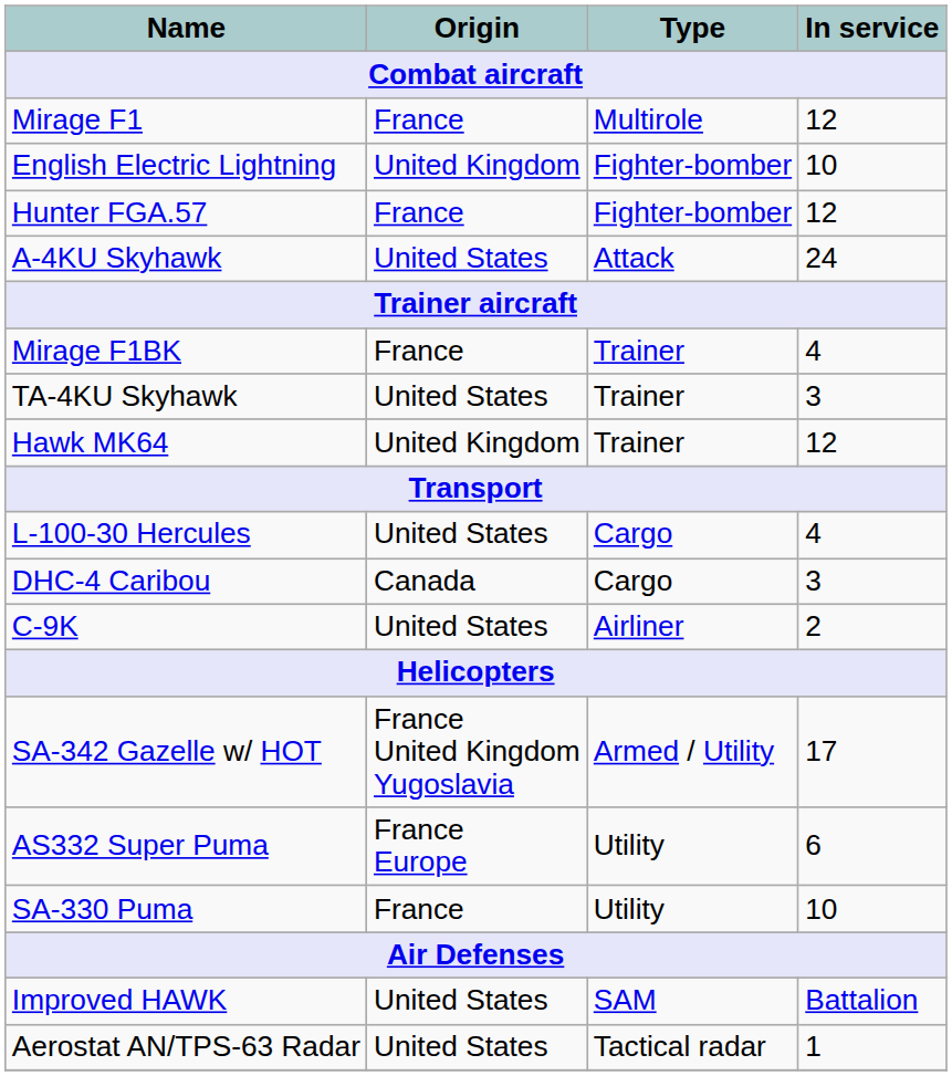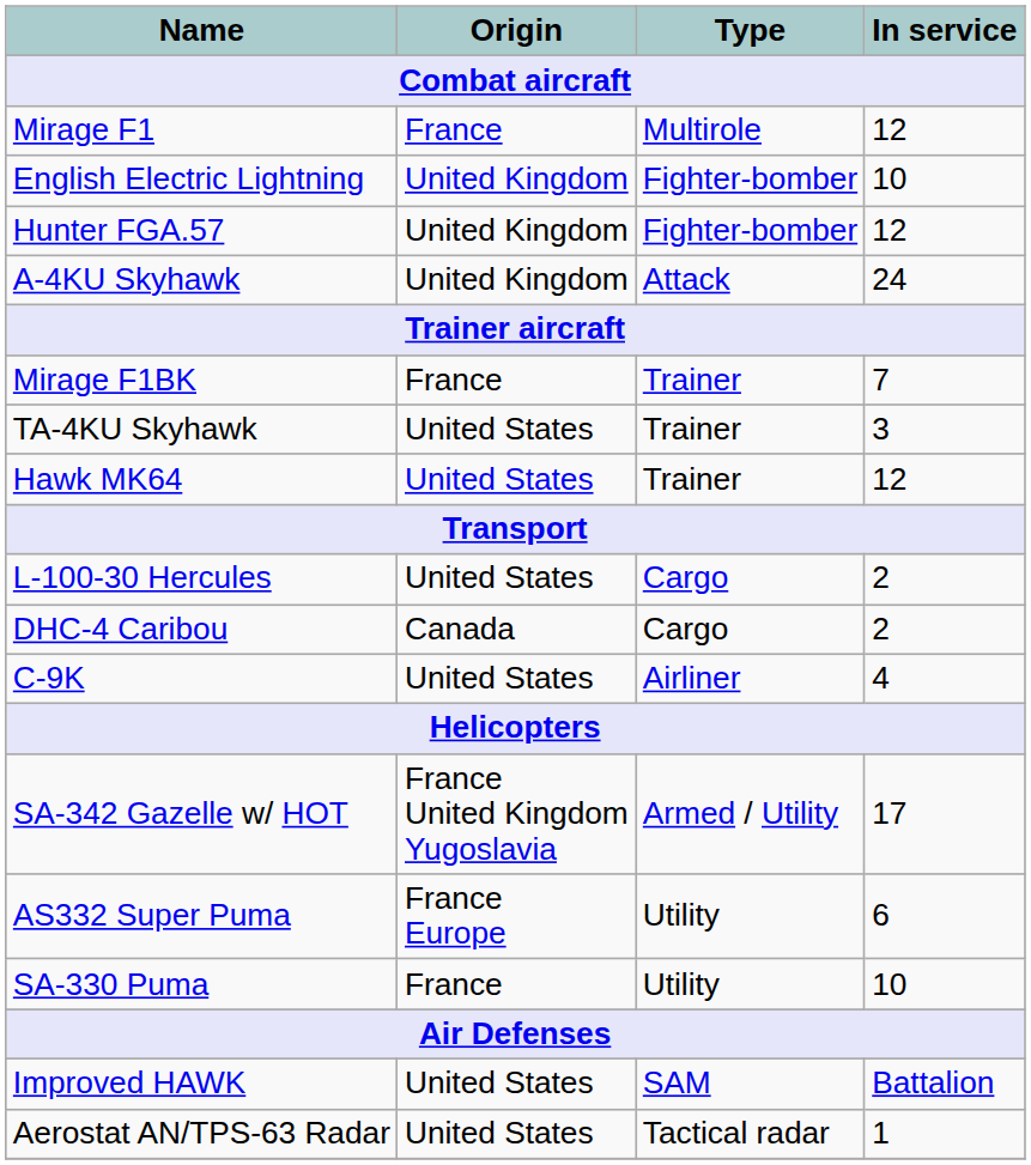 <table class="wikitable" style="display: inline-table;">
 <tr>
 <th style="text-align:center; background:#acc;">Name</th>
 <th style="text-align: center; background:#acc;">Origin</th>
 <th style="text-align:l center; background:#acc;">Type</th>
 <th style="text-align:center; background:#acc;">In service</th>
 </tr>
 <tr>
 <th colspan="4" style="align: center; background: lavender;"><a href='#'>Combat aircraft</a></th>
 </tr>
 <tr>
 <td><a href='#'>Mirage F1</a></td>
 <td><a href='#'>France</a></td>
 <td><a href='#'>Multirole</a></td>
 <td>12</td>
 </tr>
 <tr>
 <td><a href='#'>English Electric Lightning</a></td>
 <td><a href='#'>United Kingdom</a></td>
 <td><a href='#'>Fighter-bomber</a></td>
 <td>10</td>
 </tr>
 <tr>
 <td><a href='#'>Hunter FGA.57</a></td>
-<td><a href='#'>France</a></td>
+<td>United Kingdom</td>
 <td><a href='#'>Fighter-bomber</a></td>
 <td>12</td>
 </tr>
 <tr>
 <td><a href='#'>A-4KU Skyhawk</a></td>
-<td><a href='#'>United States</a></td>
+<td>United Kingdom</td>
 <td><a href='#'>Attack</a></td>
 <td>24</td>
 </tr>
 <tr>
 <th colspan="4" style="align: center; background: lavender;"><a href='#'>Trainer aircraft</a></th>
 </tr>
 <tr>
 <td><a href='#'>Mirage F1BK</a></td>
 <td>France</td>
 <td><a href='#'>Trainer</a></td>
-<td>4</td>
+<td>7</td>
 </tr>
 <tr>
 <td>TA-4KU Skyhawk</td>
 <td>United States</td>
 <td>Trainer</td>
 <td>3</td>
 </tr>
 <tr>
 <td><a href='#'>Hawk MK64</a></td>
-<td>United Kingdom</td>
+<td><a href='#'>United States</a></td>
 <td>Trainer</td>
 <td>12</td>
 </tr>
 <tr>
 <th colspan="4" style="align: center; background: lavender;"><a href='#'>Transport</a></th>
 </tr>
 <tr>
 <td><a href='#'>L-100-30 Hercules</a></td>
 <td>United States</td>
 <td><a href='#'>Cargo</a></td>
-<td>4</td>
+<td>2</td>
 </tr>
 <tr>
 <td><a href='#'>DHC-4 Caribou</a></td>
 <td>Canada</td>
 <td>Cargo</td>
-<td>3</td>
+<td>2</td>
 </tr>
 <tr>
 <td><a href='#'>C-9K</a></td>
 <td>United States</td>
 <td><a href='#'>Airliner</a></td>
-<td>2</td>
+<td>4</td>
 </tr>
 <tr>
 <th colspan="4" style="align: center; background: lavender;"><a href='#'>Helicopters</a></th>
 </tr>
 <tr>
 <td><a href='#'>SA-342 Gazelle</a> w/ <a href='#'>HOT</a></td>
 <td>France<br> United Kingdom<br><a href='#'>Yugoslavia</a></td>
 <td><a href='#'>Armed</a> / <a href='#'>Utility</a></td>
 <td>17</td>
 </tr>
 <tr>
 <td><a href='#'>AS332 Super Puma</a></td>
 <td>France<br><a href='#'>Europe</a></td>
 <td>Utility</td>
 <td>6</td>
 </tr>
 <tr>
 <td><a href='#'>SA-330 Puma</a></td>
 <td>France</td>
 <td>Utility</td>
 <td>10</td>
 </tr>
 <tr>
 <th colspan="4" style="align: center; background: lavender;"><a href='#'>Air Defenses</a></th>
 </tr>
 <tr>
 <td><a href='#'>Improved HAWK</a></td>
 <td>United States</td>
 <td><a href='#'>SAM</a></td>
 <td><a href='#'>Battalion</a></td>
 </tr>
 <tr>
 <td>Aerostat AN/TPS-63 Radar</td>
 <td>United States</td>
 <td>Tactical radar</td>
 <td>1</td>
 </tr>
 <tr>
 </tr>
 </table>
